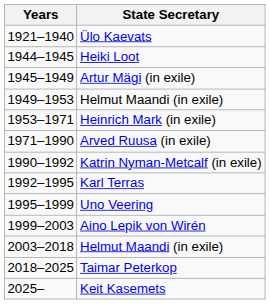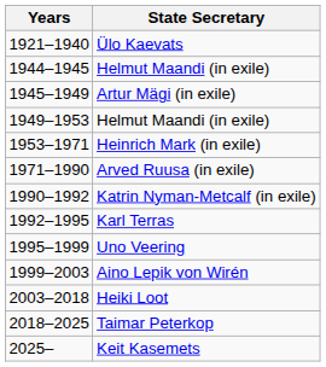 <table class=wikitable>
 <tr>
 <th>Years</th>
 <th>State Secretary</th>
 </tr>
 <tr>
 <td>1921–1940</td>
 <td><a href='#'>Ülo Kaevats</a></td>
 </tr>
 <tr>
 <td>1944–1945</td>
-<td><a href='#'>Heiki Loot</a></td>
+<td><a href='#'>Helmut Maandi</a> (in exile)</td>
 </tr>
 <tr>
 <td>1945–1949</td>
 <td><a href='#'>Artur Mägi</a> (in exile)</td>
 </tr>
 <tr>
 <td>1949–1953</td>
 <td>Helmut Maandi (in exile)</td>
 </tr>
 <tr>
 <td>1953–1971</td>
 <td><a href='#'>Heinrich Mark</a> (in exile)</td>
 </tr>
 <tr>
 <td>1971–1990</td>
 <td><a href='#'>Arved Ruusa</a> (in exile)</td>
 </tr>
 <tr>
 <td>1990–1992</td>
 <td><a href='#'>Katrin Nyman-Metcalf</a> (in exile)</td>
 </tr>
 <tr>
 <td>1992–1995</td>
 <td><a href='#'>Karl Terras</a></td>
 </tr>
 <tr>
 <td>1995–1999</td>
 <td><a href='#'>Uno Veering</a></td>
 </tr>
 <tr>
 <td>1999–2003</td>
 <td><a href='#'>Aino Lepik von Wirén</a></td>
 </tr>
 <tr>
 <td>2003–2018</td>
-<td><a href='#'>Helmut Maandi</a> (in exile)</td>
+<td><a href='#'>Heiki Loot</a></td>
 </tr>
 <tr>
 <td>2018–2025</td>
 <td><a href='#'>Taimar Peterkop</a></td>
 </tr>
 <tr>
 <td>2025–</td>
 <td><a href='#'>Keit Kasemets</a></td>
 </tr>
 </table>
